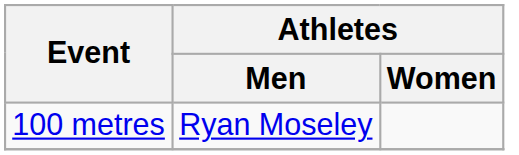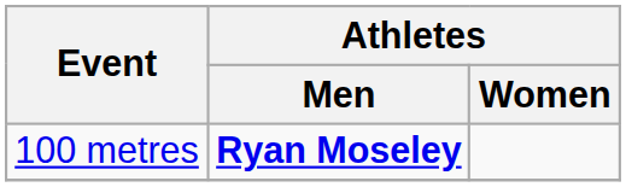 <table class=wikitable style="font-size:90%">
 <tr>
 <th rowspan=2>Event</th>
 <th colspan=2>Athletes</th>
 </tr>
 <tr>
 <th>Men</th>
 <th>Women</th>
 </tr>
 <tr>
 <td><a href='#'>100 metres</a></td>
-<td><a href='#'>Ryan Moseley</a></td>
+<td><strong><a href='#'>Ryan Moseley</a></strong></td>
 <td></td>
 </tr>
 <tr>
 </tr>
 </table>
